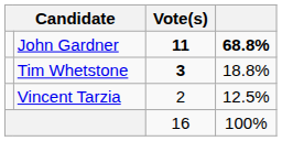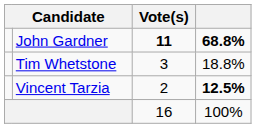 <table class="wikitable" style="text-align:left; font-size:95%; width: 250px;">
 <tr>
 <th colspan=2>Candidate</th>
 <th>Vote(s)</th>
 <th></th>
 </tr>
 <tr>
 <td style="background-color: "></td>
 <td><a href='#'>John Gardner</a></td>
 <td align=center><strong>11</strong></td>
 <td align=center><strong>68.8%</strong></td>
 </tr>
 <tr>
 <td style="background-color: "></td>
 <td><a href='#'>Tim Whetstone</a></td>
-<td align=center><strong>3</strong></td>
+<td align=center>3</td>
 <td align=center>18.8%</td>
 </tr>
 <tr>
 <td style="background-color: "></td>
 <td><a href='#'>Vincent Tarzia</a></td>
 <td align=center>2</td>
-<td align=center>12.5%</td>
+<td align=center><strong>12.5%</strong></td>
 </tr>
 <tr>
 <th colspan=2></th>
 <td align=center>16</td>
 <td align=center>100%</td>
 </tr>
 </table>
